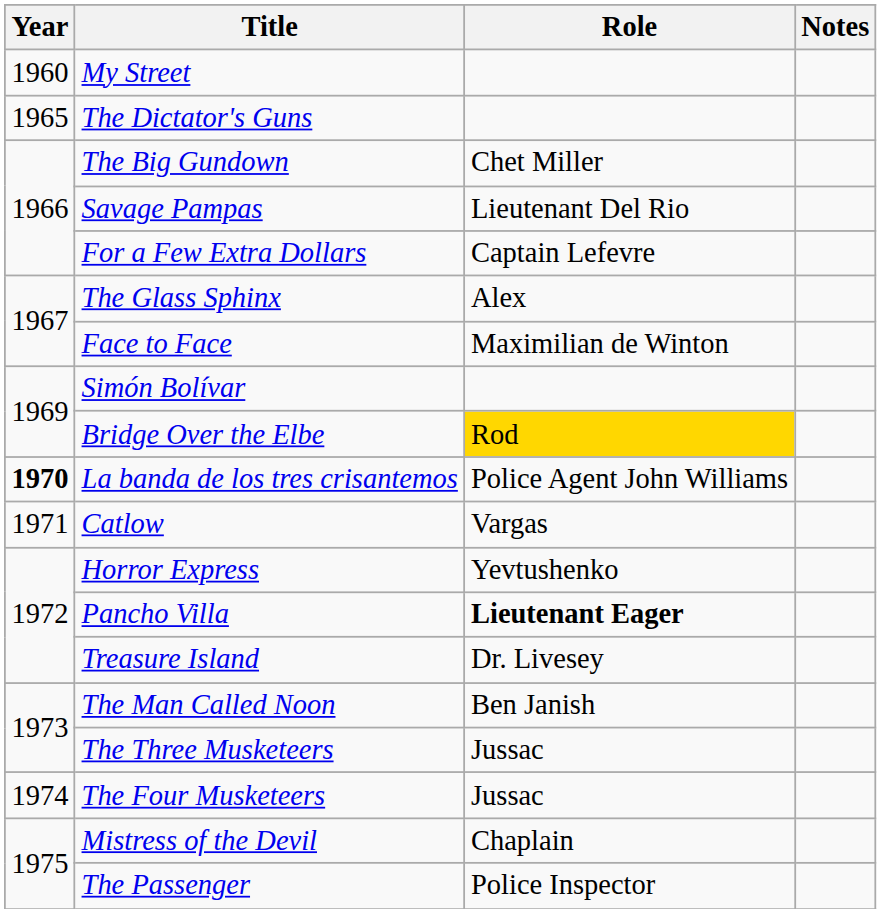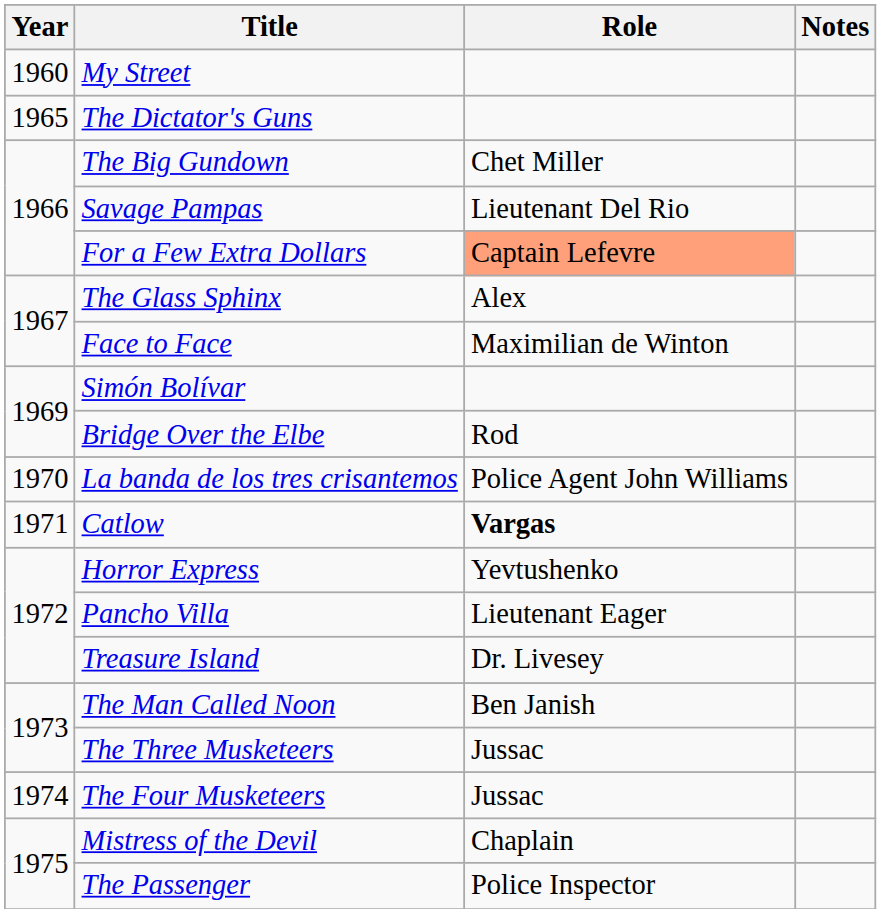 <table class="wikitable sortable">
 <tr>
 <th>Year</th>
 <th>Title</th>
 <th>Role</th>
 <th class="unsortable">Notes</th>
 </tr>
 <tr>
 <td>1960</td>
 <td><em><a href='#'>My Street</a></em></td>
 <td></td>
 <td></td>
 </tr>
 <tr>
 <td>1965</td>
 <td><em><a href='#'>The Dictator's Guns</a></em></td>
 <td></td>
 <td></td>
 </tr>
 <tr>
 <td rowspan=3>1966</td>
 <td><em><a href='#'>The Big Gundown</a></em></td>
 <td>Chet Miller</td>
 <td></td>
 </tr>
 <tr>
 <td><em><a href='#'>Savage Pampas</a></em></td>
 <td>Lieutenant Del Rio</td>
 <td></td>
 </tr>
 <tr>
 <td><em><a href='#'>For a Few Extra Dollars</a></em></td>
-<td>Captain Lefevre</td>
+<td style="background: lightsalmon;">Captain Lefevre</td>
 <td></td>
 </tr>
 <tr>
 <td rowspan=2>1967</td>
 <td><em><a href='#'>The Glass Sphinx</a></em></td>
 <td>Alex</td>
 <td></td>
 </tr>
 <tr>
 <td><em><a href='#'>Face to Face</a></em></td>
 <td>Maximilian de Winton</td>
 <td></td>
 </tr>
 <tr>
 <td rowspan=2>1969</td>
 <td><em><a href='#'>Simón Bolívar</a></em></td>
 <td></td>
 <td></td>
 </tr>
 <tr>
 <td><em><a href='#'>Bridge Over the Elbe</a></em></td>
-<td style="background: gold;">Rod</td>
+<td>Rod</td>
 <td></td>
 </tr>
 <tr>
-<td><strong>1970</strong></td>
+<td>1970</td>
 <td><em><a href='#'>La banda de los tres crisantemos</a></em></td>
 <td>Police Agent John Williams</td>
 <td></td>
 </tr>
 <tr>
 <td>1971</td>
 <td><em><a href='#'>Catlow</a></em></td>
-<td>Vargas</td>
+<td><strong>Vargas</strong></td>
 <td></td>
 </tr>
 <tr>
 <td rowspan=3>1972</td>
 <td><em><a href='#'>Horror Express</a></em></td>
 <td>Yevtushenko</td>
 <td></td>
 </tr>
 <tr>
 <td><em><a href='#'>Pancho Villa</a></em></td>
-<td><strong>Lieutenant Eager</strong></td>
+<td>Lieutenant Eager</td>
 <td></td>
 </tr>
 <tr>
 <td><em><a href='#'>Treasure Island</a></em></td>
 <td>Dr. Livesey</td>
 <td></td>
 </tr>
 <tr>
 <td rowspan=2>1973</td>
 <td><em><a href='#'>The Man Called Noon</a></em></td>
 <td>Ben Janish</td>
 <td></td>
 </tr>
 <tr>
 <td><em><a href='#'>The Three Musketeers</a></em></td>
 <td>Jussac</td>
 <td></td>
 </tr>
 <tr>
 <td>1974</td>
 <td><em><a href='#'>The Four Musketeers</a></em></td>
 <td>Jussac</td>
 <td></td>
 </tr>
 <tr>
 <td rowspan=2>1975</td>
 <td><em><a href='#'>Mistress of the Devil</a></em></td>
 <td>Chaplain</td>
 <td></td>
 </tr>
 <tr>
 <td><em><a href='#'>The Passenger</a></em></td>
 <td>Police Inspector</td>
 <td></td>
 </tr>
 </table>
